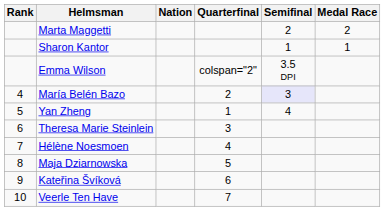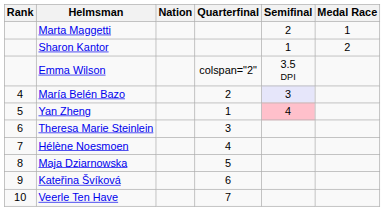 <table class="wikitable sortable" style="text-align:center">
 <tr>
 <th>Rank</th>
 <th>Helmsman</th>
 <th>Nation</th>
 <th>Quarterfinal</th>
 <th>Semifinal</th>
 <th>Medal Race</th>
 </tr>
 <tr>
 <td></td>
 <td align="left"><a href='#'>Marta Maggetti</a></td>
 <td align="left"></td>
 <td></td>
 <td>2</td>
-<td>2</td>
+<td>1</td>
 </tr>
 <tr>
 <td></td>
 <td align="left"><a href='#'>Sharon Kantor</a></td>
 <td align="left"></td>
 <td></td>
 <td>1</td>
-<td>1</td>
+<td>2</td>
 </tr>
 <tr>
 <td></td>
 <td align="left"><a href='#'>Emma Wilson</a></td>
 <td align="left"></td>
 <td>colspan="2" </td>
 <td>3.5<br><small>DPI</small></td>
 </tr>
 <tr>
 <td>4</td>
 <td align="left"><a href='#'>María Belén Bazo</a></td>
 <td align="left"></td>
 <td>2</td>
 <td style="background: lavender;">3</td>
 <td></td>
 </tr>
 <tr>
 <td>5</td>
 <td align="left"><a href='#'>Yan Zheng</a></td>
 <td align="left"></td>
 <td>1</td>
-<td>4</td>
+<td style="background: pink;">4</td>
 <td></td>
 </tr>
 <tr>
 <td>6</td>
 <td align="left"><a href='#'>Theresa Marie Steinlein</a></td>
 <td align="left"></td>
 <td>3</td>
 <td></td>
 <td></td>
 </tr>
 <tr>
 <td>7</td>
 <td align="left"><a href='#'>Hélène Noesmoen</a></td>
 <td align="left"></td>
 <td>4</td>
 <td></td>
 <td></td>
 </tr>
 <tr>
 <td>8</td>
 <td align="left"><a href='#'>Maja Dziarnowska</a></td>
 <td align="left"></td>
 <td>5</td>
 <td></td>
 <td></td>
 </tr>
 <tr>
 <td>9</td>
 <td align="left"><a href='#'>Kateřina Švíková</a></td>
 <td align="left"></td>
 <td>6</td>
 <td></td>
 <td></td>
 </tr>
 <tr>
 <td>10</td>
 <td align="left"><a href='#'>Veerle Ten Have</a></td>
 <td align="left"></td>
 <td>7</td>
 <td></td>
 <td></td>
 </tr>
 </table>
